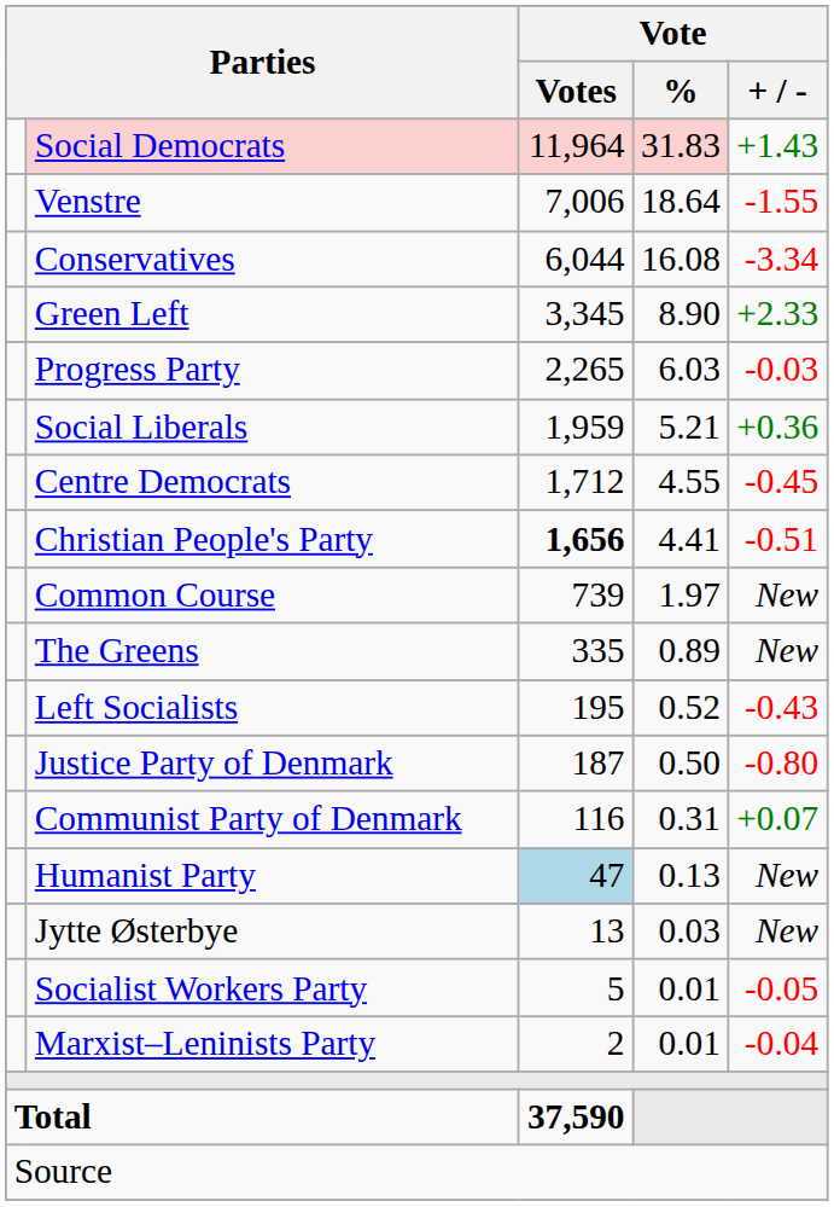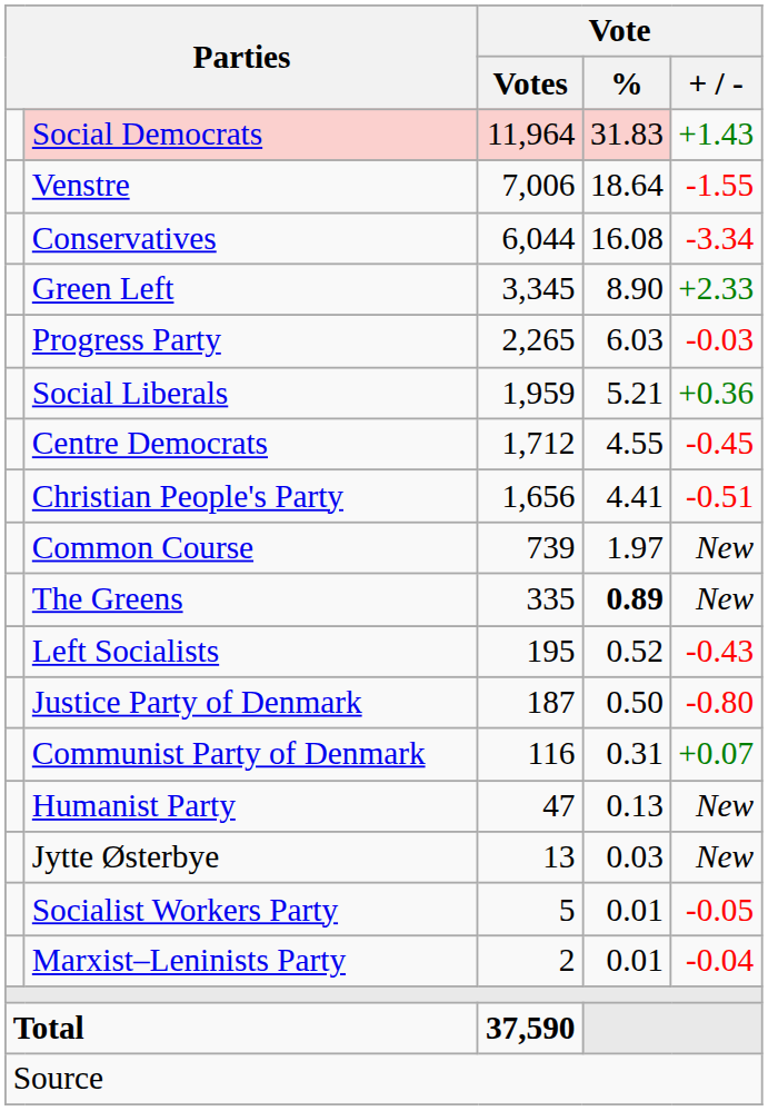 <table class="wikitable" style="text-align:right;">
 <tr>
 <th style="text-align:centre;" rowspan="2" colspan="2" width="225">Parties</th>
 <th colspan="3">Vote</th>
 </tr>
 <tr>
 <th width="15">Votes</th>
 <th width="15">%</th>
 <th width="15">+ / -</th>
 </tr>
 <tr>
 <td width="2" style="color:inherit;background:"></td>
 <td bgcolor=#fbd0ce  align="left"><a href='#'>Social Democrats</a></td>
 <td bgcolor=#fbd0ce>11,964</td>
 <td bgcolor=#fbd0ce>31.83</td>
 <td style=color:green;>+1.43</td>
 </tr>
 <tr>
 <td width="2" style="color:inherit;background:"></td>
 <td align="left"><a href='#'>Venstre</a></td>
 <td>7,006</td>
 <td>18.64</td>
 <td style=color:red;>-1.55</td>
 </tr>
 <tr>
 <td width="2" style="color:inherit;background:"></td>
 <td align="left"><a href='#'>Conservatives</a></td>
 <td>6,044</td>
 <td>16.08</td>
 <td style=color:red;>-3.34</td>
 </tr>
 <tr>
 <td width="2" style="color:inherit;background:"></td>
 <td align="left"><a href='#'>Green Left</a></td>
 <td>3,345</td>
 <td>8.90</td>
 <td style=color:green;>+2.33</td>
 </tr>
 <tr>
 <td width="2" style="color:inherit;background:"></td>
 <td align="left"><a href='#'>Progress Party</a></td>
 <td>2,265</td>
 <td>6.03</td>
 <td style=color:red;>-0.03</td>
 </tr>
 <tr>
 <td width="2" style="color:inherit;background:"></td>
 <td align="left"><a href='#'>Social Liberals</a></td>
 <td>1,959</td>
 <td>5.21</td>
 <td style=color:green;>+0.36</td>
 </tr>
 <tr>
 <td width="2" style="color:inherit;background:"></td>
 <td align="left"><a href='#'>Centre Democrats</a></td>
 <td>1,712</td>
 <td>4.55</td>
 <td style=color:red;>-0.45</td>
 </tr>
 <tr>
 <td width="2" style="color:inherit;background:"></td>
 <td align="left"><a href='#'>Christian People's Party</a></td>
-<td><strong>1,656</strong></td>
+<td>1,656</td>
 <td>4.41</td>
 <td style=color:red;>-0.51</td>
 </tr>
 <tr>
 <td width="2" style="color:inherit;background:"></td>
 <td align="left"><a href='#'>Common Course</a></td>
 <td>739</td>
 <td>1.97</td>
 <td><em>New</em></td>
 </tr>
 <tr>
 <td width="2" style="color:inherit;background:"></td>
 <td align="left"><a href='#'>The Greens</a></td>
 <td>335</td>
-<td>0.89</td>
+<td><strong>0.89</strong></td>
 <td><em>New</em></td>
 </tr>
 <tr>
 <td width="2" style="color:inherit;background:"></td>
 <td align="left"><a href='#'>Left Socialists</a></td>
 <td>195</td>
 <td>0.52</td>
 <td style=color:red;>-0.43</td>
 </tr>
 <tr>
 <td width="2" style="color:inherit;background:"></td>
 <td align="left"><a href='#'>Justice Party of Denmark</a></td>
 <td>187</td>
 <td>0.50</td>
 <td style=color:red;>-0.80</td>
 </tr>
 <tr>
 <td width="2" style="color:inherit;background:"></td>
 <td align="left"><a href='#'>Communist Party of Denmark</a></td>
 <td>116</td>
 <td>0.31</td>
 <td style=color:green;>+0.07</td>
 </tr>
 <tr>
 <td width="2" style="color:inherit;background:"></td>
 <td align="left"><a href='#'>Humanist Party</a></td>
-<td style="background: lightblue;">47</td>
+<td>47</td>
 <td>0.13</td>
 <td><em>New</em></td>
 </tr>
 <tr>
 <td width="2" style="color:inherit;background:"></td>
 <td align="left">Jytte Østerbye</td>
 <td>13</td>
 <td>0.03</td>
 <td><em>New</em></td>
 </tr>
 <tr>
 <td width="2" style="color:inherit;background:"></td>
 <td align="left"><a href='#'>Socialist Workers Party</a></td>
 <td>5</td>
 <td>0.01</td>
 <td style=color:red;>-0.05</td>
 </tr>
 <tr>
 <td width="2" style="color:inherit;background:"></td>
 <td align="left"><a href='#'>Marxist–Leninists Party</a></td>
 <td>2</td>
 <td>0.01</td>
 <td style=color:red;>-0.04</td>
 </tr>
 <tr>
 <td colspan="7" bgcolor="#E9E9E9"></td>
 </tr>
 <tr>
 <td align="left" colspan="2"><strong>Total</strong></td>
 <td><strong>37,590</strong></td>
 <td bgcolor="#E9E9E9" colspan="2"></td>
 </tr>
 <tr>
 <td align="left" colspan="6">Source</td>
 </tr>
 </table>
